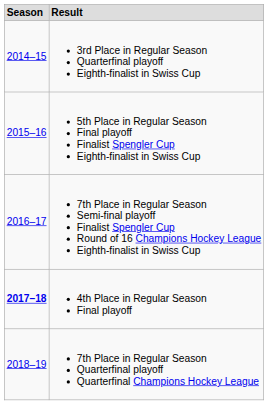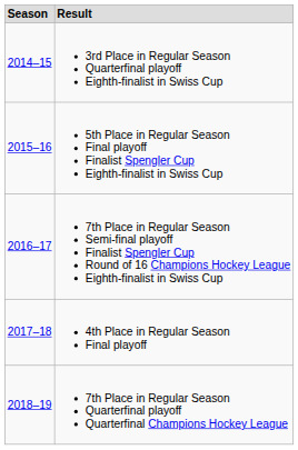 <table class="wikitable">
 <tr style="font-weight:bold; background-color:#dddddd;" |>
 <td>Season</td>
 <td>Result<br></td>
 </tr>
 <tr>
 <td><a href='#'>2014–15</a></td>
 <td><br><ul><li>3rd Place in Regular Season</li><li>Quarterfinal playoff</li><li>Eighth-finalist in Swiss Cup</li></ul></td>
 </tr>
 <tr>
 <td><a href='#'>2015–16</a></td>
 <td><br><ul><li>5th Place in Regular Season</li><li>Final playoff</li><li>Finalist <a href='#'>Spengler Cup</a></li><li>Eighth-finalist in Swiss Cup</li></ul></td>
 </tr>
 <tr>
 <td><a href='#'>2016–17</a></td>
 <td><br><ul><li>7th Place in Regular Season</li><li>Semi-final playoff</li><li>Finalist <a href='#'>Spengler Cup</a></li><li>Round of 16 <a href='#'>Champions Hockey League</a></li><li>Eighth-finalist in Swiss Cup</li></ul></td>
 </tr>
 <tr>
-<td><strong><a href='#'>2017–18</a></strong></td>
+<td><a href='#'>2017–18</a></td>
 <td><br><ul><li>4th Place in Regular Season</li><li>Final playoff</li></ul></td>
 </tr>
 <tr>
 <td><a href='#'>2018–19</a></td>
 <td><br><ul><li>7th Place in Regular Season</li><li>Quarterfinal playoff</li><li>Quarterfinal <a href='#'>Champions Hockey League</a></li></ul></td>
 </tr>
 </table>
